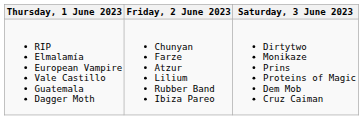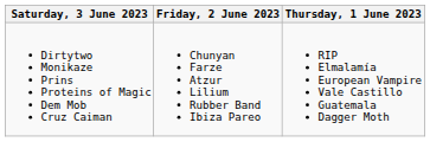 <table class="wikitable">
 <tr>
+<th>Saturday, 3 June 2023</th>
+<th>Friday, 2 June 2023</th>
 <th>Thursday, 1 June 2023</th>
-<th>Friday, 2 June 2023</th>
-<th>Saturday, 3 June 2023</th>
 </tr>
 <tr valign="top">
+<td><br><ul><li>Dirtytwo</li><li>Monikaze</li><li>Prins</li><li>Proteins of Magic</li><li>Dem Mob</li><li>Cruz Caiman</li></ul></td>
+<td><br><ul><li>Chunyan</li><li>Farze</li><li>Atzur</li><li>Lilium</li><li>Rubber Band</li><li>Ibiza Pareo</li></ul></td>
 <td><br><ul><li>RIP</li><li>Elmalamía</li><li>European Vampire</li><li>Vale Castillo</li><li>Guatemala</li><li>Dagger Moth</li></ul></td>
-<td><br><ul><li>Chunyan</li><li>Farze</li><li>Atzur</li><li>Lilium</li><li>Rubber Band</li><li>Ibiza Pareo</li></ul></td>
-<td><br><ul><li>Dirtytwo</li><li>Monikaze</li><li>Prins</li><li>Proteins of Magic</li><li>Dem Mob</li><li>Cruz Caiman</li></ul></td>
 </tr>
 </table>
